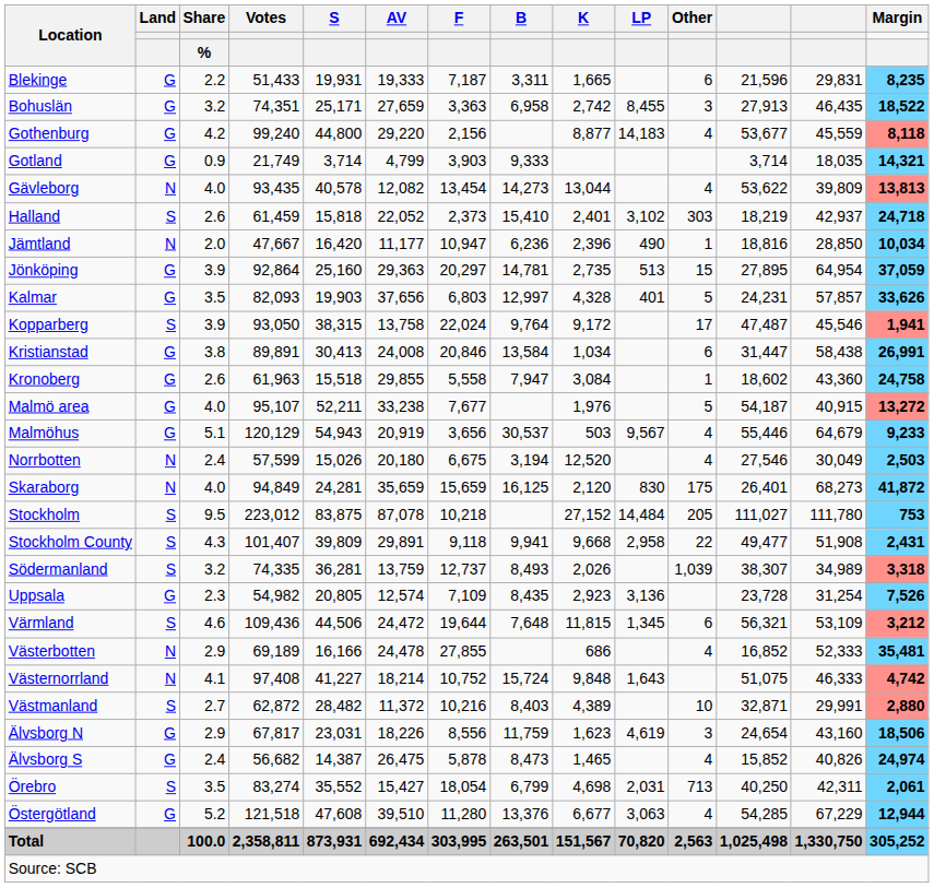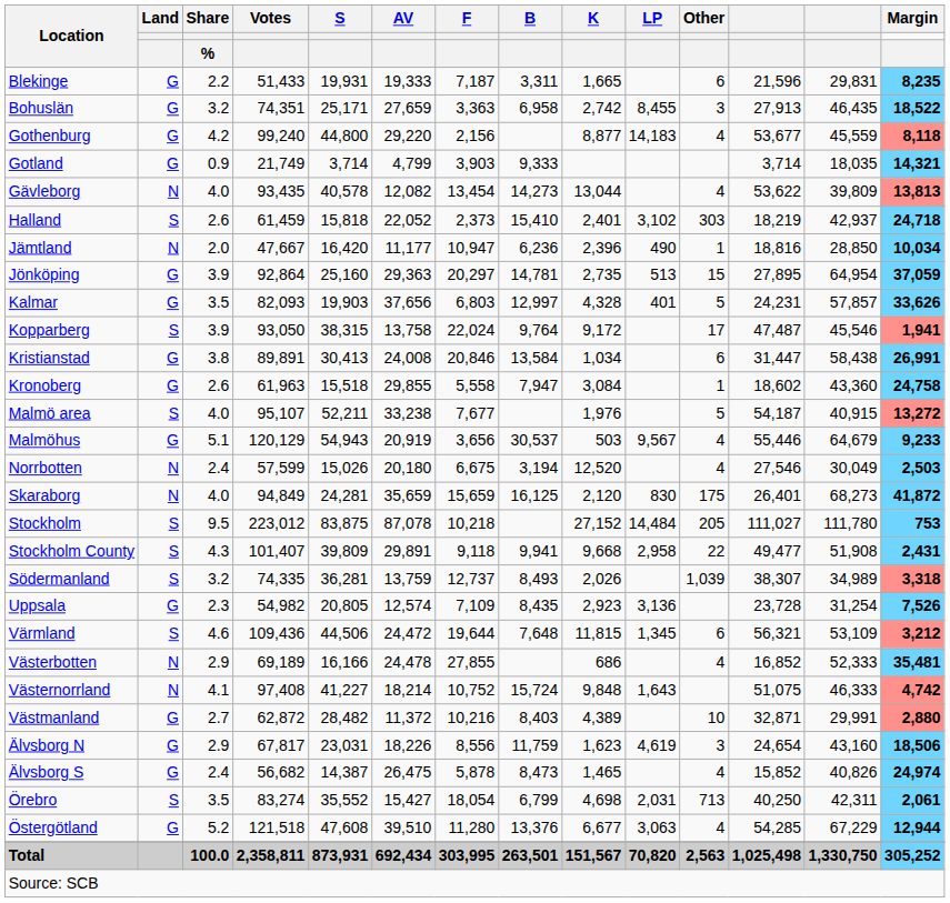 <table class="wikitable sortable" style="text-align:right; font-size:95%; line-height:20px;">
 <tr>
 <th rowspan="3">Location</th>
 <th>Land</th>
 <th>Share</th>
 <th>Votes</th>
 <th width="30px" class="unsortable"><a href='#'>S</a></th>
 <th width="30px" class="unsortable"><a href='#'>AV</a></th>
 <th width="30px" class="unsortable"><a href='#'>F</a></th>
 <th width="30px" class="unsortable"><a href='#'>B</a></th>
 <th width="30px" class="unsortable"><a href='#'>K</a></th>
 <th width="30px" class="unsortable"><a href='#'>LP</a></th>
 <th width="30px" class="unsortable">Other</th>
 <th></th>
 <th></th>
 <th>Margin</th>
 </tr>
 <tr>
 <th></th>
 <th></th>
 <th></th>
 <th style="background:"></th>
 <th style="background:"></th>
 <th style="background:"></th>
 <th style="background:"></th>
 <th style="background:"></th>
 <th style="background:"></th>
 <th style="background:"></th>
 <th style="background:"></th>
 <th style="background:"></th>
 </tr>
 <tr>
 <th></th>
 <th data-sort-type="number">%</th>
 <th></th>
 <th data-sort-type="number"></th>
 <th data-sort-type="number"></th>
 <th data-sort-type="number"></th>
 <th data-sort-type="number"></th>
 <th data-sort-type="number"></th>
 <th data-sort-type="number"></th>
 <th data-sort-type="number"></th>
 <th data-sort-type="number"></th>
 <th data-sort-type="number"></th>
 <th></th>
 </tr>
 <tr>
 <td align=left><a href='#'>Blekinge</a></td>
 <td><a href='#'>G</a></td>
 <td>2.2</td>
 <td>51,433</td>
 <td>19,931</td>
 <td>19,333</td>
 <td>7,187</td>
 <td>3,311</td>
 <td>1,665</td>
 <td></td>
 <td>6</td>
 <td>21,596</td>
 <td>29,831</td>
 <td bgcolor=#6fd5fe><strong>8,235</strong></td>
 </tr>
 <tr>
 <td align=left><a href='#'>Bohuslän</a></td>
 <td><a href='#'>G</a></td>
 <td>3.2</td>
 <td>74,351</td>
 <td>25,171</td>
 <td>27,659</td>
 <td>3,363</td>
 <td>6,958</td>
 <td>2,742</td>
 <td>8,455</td>
 <td>3</td>
 <td>27,913</td>
 <td>46,435</td>
 <td bgcolor=#6fd5fe><strong>18,522</strong></td>
 </tr>
 <tr>
 <td align=left><a href='#'>Gothenburg</a></td>
 <td><a href='#'>G</a></td>
 <td>4.2</td>
 <td>99,240</td>
 <td>44,800</td>
 <td>29,220</td>
 <td>2,156</td>
 <td></td>
 <td>8,877</td>
 <td>14,183</td>
 <td>4</td>
 <td>53,677</td>
 <td>45,559</td>
 <td bgcolor=#ff908c><strong>8,118</strong></td>
 </tr>
 <tr>
 <td align=left><a href='#'>Gotland</a></td>
 <td><a href='#'>G</a></td>
 <td>0.9</td>
 <td>21,749</td>
 <td>3,714</td>
 <td>4,799</td>
 <td>3,903</td>
 <td>9,333</td>
 <td></td>
 <td></td>
 <td></td>
 <td>3,714</td>
 <td>18,035</td>
 <td bgcolor=#6fd5fe><strong>14,321</strong></td>
 </tr>
 <tr>
 <td align=left><a href='#'>Gävleborg</a></td>
 <td><a href='#'>N</a></td>
 <td>4.0</td>
 <td>93,435</td>
 <td>40,578</td>
 <td>12,082</td>
 <td>13,454</td>
 <td>14,273</td>
 <td>13,044</td>
 <td></td>
 <td>4</td>
 <td>53,622</td>
 <td>39,809</td>
 <td bgcolor=#ff908c><strong>13,813</strong></td>
 </tr>
 <tr>
 <td align=left><a href='#'>Halland</a></td>
 <td><a href='#'>S</a></td>
 <td>2.6</td>
 <td>61,459</td>
 <td>15,818</td>
 <td>22,052</td>
 <td>2,373</td>
 <td>15,410</td>
 <td>2,401</td>
 <td>3,102</td>
 <td>303</td>
 <td>18,219</td>
 <td>42,937</td>
 <td bgcolor=#6fd5fe><strong>24,718</strong></td>
 </tr>
 <tr>
 <td align=left><a href='#'>Jämtland</a></td>
 <td><a href='#'>N</a></td>
 <td>2.0</td>
 <td>47,667</td>
 <td>16,420</td>
 <td>11,177</td>
 <td>10,947</td>
 <td>6,236</td>
 <td>2,396</td>
 <td>490</td>
 <td>1</td>
 <td>18,816</td>
 <td>28,850</td>
 <td bgcolor=#6fd5fe><strong>10,034</strong></td>
 </tr>
 <tr>
 <td align=left><a href='#'>Jönköping</a></td>
 <td><a href='#'>G</a></td>
 <td>3.9</td>
 <td>92,864</td>
 <td>25,160</td>
 <td>29,363</td>
 <td>20,297</td>
 <td>14,781</td>
 <td>2,735</td>
 <td>513</td>
 <td>15</td>
 <td>27,895</td>
 <td>64,954</td>
 <td bgcolor=#6fd5fe><strong>37,059</strong></td>
 </tr>
 <tr>
 <td align=left><a href='#'>Kalmar</a></td>
 <td><a href='#'>G</a></td>
 <td>3.5</td>
 <td>82,093</td>
 <td>19,903</td>
 <td>37,656</td>
 <td>6,803</td>
 <td>12,997</td>
 <td>4,328</td>
 <td>401</td>
 <td>5</td>
 <td>24,231</td>
 <td>57,857</td>
 <td bgcolor=#6fd5fe><strong>33,626</strong></td>
 </tr>
 <tr>
 <td align=left><a href='#'>Kopparberg</a></td>
 <td><a href='#'>S</a></td>
 <td>3.9</td>
 <td>93,050</td>
 <td>38,315</td>
 <td>13,758</td>
 <td>22,024</td>
 <td>9,764</td>
 <td>9,172</td>
 <td></td>
 <td>17</td>
 <td>47,487</td>
 <td>45,546</td>
 <td bgcolor=#ff908c><strong>1,941</strong></td>
 </tr>
 <tr>
 <td align=left><a href='#'>Kristianstad</a></td>
 <td><a href='#'>G</a></td>
 <td>3.8</td>
 <td>89,891</td>
 <td>30,413</td>
 <td>24,008</td>
 <td>20,846</td>
 <td>13,584</td>
 <td>1,034</td>
 <td></td>
 <td>6</td>
 <td>31,447</td>
 <td>58,438</td>
 <td bgcolor=#6fd5fe><strong>26,991</strong></td>
 </tr>
 <tr>
 <td align=left><a href='#'>Kronoberg</a></td>
 <td><a href='#'>G</a></td>
 <td>2.6</td>
 <td>61,963</td>
 <td>15,518</td>
 <td>29,855</td>
 <td>5,558</td>
 <td>7,947</td>
 <td>3,084</td>
 <td></td>
 <td>1</td>
 <td>18,602</td>
 <td>43,360</td>
 <td bgcolor=#6fd5fe><strong>24,758</strong></td>
 </tr>
 <tr>
 <td align=left><a href='#'>Malmö area</a></td>
-<td><a href='#'>G</a></td>
+<td><a href='#'>S</a></td>
 <td>4.0</td>
 <td>95,107</td>
 <td>52,211</td>
 <td>33,238</td>
 <td>7,677</td>
 <td></td>
 <td>1,976</td>
 <td></td>
 <td>5</td>
 <td>54,187</td>
 <td>40,915</td>
 <td bgcolor=#ff908c><strong>13,272</strong></td>
 </tr>
 <tr>
 <td align=left><a href='#'>Malmöhus</a></td>
 <td><a href='#'>G</a></td>
 <td>5.1</td>
 <td>120,129</td>
 <td>54,943</td>
 <td>20,919</td>
 <td>3,656</td>
 <td>30,537</td>
 <td>503</td>
 <td>9,567</td>
 <td>4</td>
 <td>55,446</td>
 <td>64,679</td>
 <td bgcolor=#6fd5fe><strong>9,233</strong></td>
 </tr>
 <tr>
 <td align=left><a href='#'>Norrbotten</a></td>
 <td><a href='#'>N</a></td>
 <td>2.4</td>
 <td>57,599</td>
 <td>15,026</td>
 <td>20,180</td>
 <td>6,675</td>
 <td>3,194</td>
 <td>12,520</td>
 <td></td>
 <td>4</td>
 <td>27,546</td>
 <td>30,049</td>
 <td bgcolor=#6fd5fe><strong>2,503</strong></td>
 </tr>
 <tr>
 <td align=left><a href='#'>Skaraborg</a></td>
 <td><a href='#'>N</a></td>
 <td>4.0</td>
 <td>94,849</td>
 <td>24,281</td>
 <td>35,659</td>
 <td>15,659</td>
 <td>16,125</td>
 <td>2,120</td>
 <td>830</td>
 <td>175</td>
 <td>26,401</td>
 <td>68,273</td>
 <td bgcolor=#6fd5fe><strong>41,872</strong></td>
 </tr>
 <tr>
 <td align=left><a href='#'>Stockholm</a></td>
 <td><a href='#'>S</a></td>
 <td>9.5</td>
 <td>223,012</td>
 <td>83,875</td>
 <td>87,078</td>
 <td>10,218</td>
 <td></td>
 <td>27,152</td>
 <td>14,484</td>
 <td>205</td>
 <td>111,027</td>
 <td>111,780</td>
 <td bgcolor=#6fd5fe><strong>753</strong></td>
 </tr>
 <tr>
 <td align=left><a href='#'>Stockholm County</a></td>
 <td><a href='#'>S</a></td>
 <td>4.3</td>
 <td>101,407</td>
 <td>39,809</td>
 <td>29,891</td>
 <td>9,118</td>
 <td>9,941</td>
 <td>9,668</td>
 <td>2,958</td>
 <td>22</td>
 <td>49,477</td>
 <td>51,908</td>
 <td bgcolor=#6fd5fe><strong>2,431</strong></td>
 </tr>
 <tr>
 <td align=left><a href='#'>Södermanland</a></td>
 <td><a href='#'>S</a></td>
 <td>3.2</td>
 <td>74,335</td>
 <td>36,281</td>
 <td>13,759</td>
 <td>12,737</td>
 <td>8,493</td>
 <td>2,026</td>
 <td></td>
 <td>1,039</td>
 <td>38,307</td>
 <td>34,989</td>
 <td bgcolor=#ff908c><strong>3,318</strong></td>
 </tr>
 <tr>
 <td align=left><a href='#'>Uppsala</a></td>
 <td><a href='#'>G</a></td>
 <td>2.3</td>
 <td>54,982</td>
 <td>20,805</td>
 <td>12,574</td>
 <td>7,109</td>
 <td>8,435</td>
 <td>2,923</td>
 <td>3,136</td>
 <td></td>
 <td>23,728</td>
 <td>31,254</td>
 <td bgcolor=#6fd5fe><strong>7,526</strong></td>
 </tr>
 <tr>
 <td align=left><a href='#'>Värmland</a></td>
 <td><a href='#'>S</a></td>
 <td>4.6</td>
 <td>109,436</td>
 <td>44,506</td>
 <td>24,472</td>
 <td>19,644</td>
 <td>7,648</td>
 <td>11,815</td>
 <td>1,345</td>
 <td>6</td>
 <td>56,321</td>
 <td>53,109</td>
 <td bgcolor=#ff908c><strong>3,212</strong></td>
 </tr>
 <tr>
 <td align=left><a href='#'>Västerbotten</a></td>
 <td><a href='#'>N</a></td>
 <td>2.9</td>
 <td>69,189</td>
 <td>16,166</td>
 <td>24,478</td>
 <td>27,855</td>
 <td></td>
 <td>686</td>
 <td></td>
 <td>4</td>
 <td>16,852</td>
 <td>52,333</td>
 <td bgcolor=#6fd5fe><strong>35,481</strong></td>
 </tr>
 <tr>
 <td align=left><a href='#'>Västernorrland</a></td>
 <td><a href='#'>N</a></td>
 <td>4.1</td>
 <td>97,408</td>
 <td>41,227</td>
 <td>18,214</td>
 <td>10,752</td>
 <td>15,724</td>
 <td>9,848</td>
 <td>1,643</td>
 <td></td>
 <td>51,075</td>
 <td>46,333</td>
 <td bgcolor=#ff908c><strong>4,742</strong></td>
 </tr>
 <tr>
 <td align=left><a href='#'>Västmanland</a></td>
-<td><a href='#'>S</a></td>
+<td><a href='#'>G</a></td>
 <td>2.7</td>
 <td>62,872</td>
 <td>28,482</td>
 <td>11,372</td>
 <td>10,216</td>
 <td>8,403</td>
 <td>4,389</td>
 <td></td>
 <td>10</td>
 <td>32,871</td>
 <td>29,991</td>
 <td bgcolor=#ff908c><strong>2,880</strong></td>
 </tr>
 <tr>
 <td align=left><a href='#'>Älvsborg N</a></td>
 <td><a href='#'>G</a></td>
 <td>2.9</td>
 <td>67,817</td>
 <td>23,031</td>
 <td>18,226</td>
 <td>8,556</td>
 <td>11,759</td>
 <td>1,623</td>
 <td>4,619</td>
 <td>3</td>
 <td>24,654</td>
 <td>43,160</td>
 <td bgcolor=#6fd5fe><strong>18,506</strong></td>
 </tr>
 <tr>
 <td align=left><a href='#'>Älvsborg S</a></td>
 <td><a href='#'>G</a></td>
 <td>2.4</td>
 <td>56,682</td>
 <td>14,387</td>
 <td>26,475</td>
 <td>5,878</td>
 <td>8,473</td>
 <td>1,465</td>
 <td></td>
 <td>4</td>
 <td>15,852</td>
 <td>40,826</td>
 <td bgcolor=#6fd5fe><strong>24,974</strong></td>
 </tr>
 <tr>
 <td align=left><a href='#'>Örebro</a></td>
 <td><a href='#'>S</a></td>
 <td>3.5</td>
 <td>83,274</td>
 <td>35,552</td>
 <td>15,427</td>
 <td>18,054</td>
 <td>6,799</td>
 <td>4,698</td>
 <td>2,031</td>
 <td>713</td>
 <td>40,250</td>
 <td>42,311</td>
 <td bgcolor=#6fd5fe><strong>2,061</strong></td>
 </tr>
 <tr>
 <td align=left><a href='#'>Östergötland</a></td>
 <td><a href='#'>G</a></td>
 <td>5.2</td>
 <td>121,518</td>
 <td>47,608</td>
 <td>39,510</td>
 <td>11,280</td>
 <td>13,376</td>
 <td>6,677</td>
 <td>3,063</td>
 <td>4</td>
 <td>54,285</td>
 <td>67,229</td>
 <td bgcolor=#6fd5fe><strong>12,944</strong></td>
 </tr>
 <tr>
 </tr>
 <tr style="background:#CDCDCD;">
 <td align=left><strong>Total</strong></td>
 <td></td>
 <td><strong>100.0</strong></td>
 <td><strong>2,358,811</strong></td>
 <td><strong>873,931</strong></td>
 <td><strong>692,434</strong></td>
 <td><strong>303,995</strong></td>
 <td><strong>263,501</strong></td>
 <td><strong>151,567</strong></td>
 <td><strong>70,820</strong></td>
 <td><strong>2,563</strong></td>
 <td><strong>1,025,498</strong></td>
 <td><strong>1,330,750</strong></td>
 <td bgcolor=#6fd5fe><strong>305,252</strong></td>
 </tr>
 <tr>
 <td align=left colspan=14>Source: SCB </td>
 </tr>
 </table>
